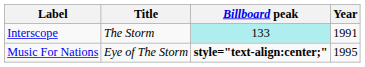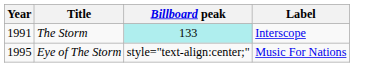 <table class="wikitable sortable">
 <tr>
-<th>Label</th>
+<th>Year</th>
 <th>Title</th>
 <th><a href='#'><em>Billboard</em></a> peak</th>
-<th>Year</th>
+<th>Label</th>
 </tr>
 <tr>
-<td rowspan="1"><a href='#'>Interscope</a></td>
+<td>1991</td>
 <td><em>The Storm</em></td>
 <td style="background: paleturquoise; text-align:center;">133</td>
-<td>1991</td>
+<td rowspan="1"><a href='#'>Interscope</a></td>
 </tr>
 <tr>
+<td>1995</td>
+<td><em>Eye of The Storm</em></td>
+<td>style="text-align:center;" </td>
 <td rowspan="1"><a href='#'>Music For Nations</a></td>
-<td><em>Eye of The Storm</em></td>
-<td><strong>style="text-align:center;" </strong></td>
-<td>1995</td>
 </tr>
 </table>
